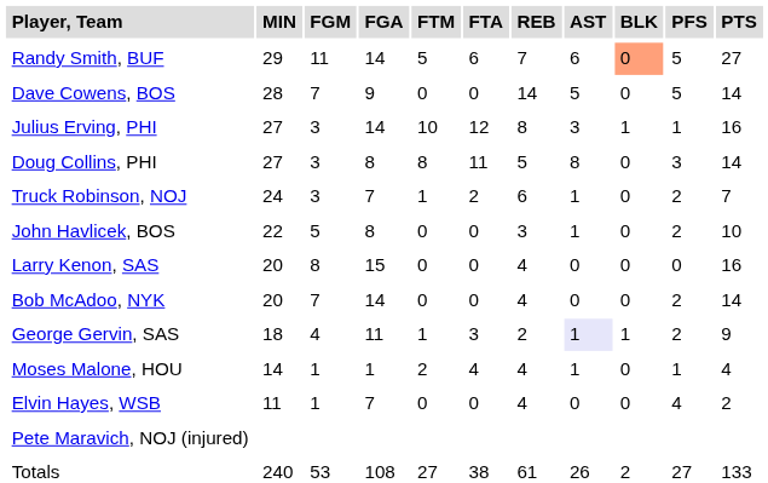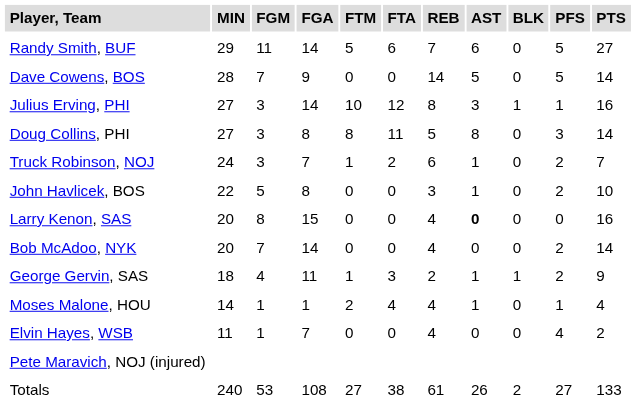 <table cellpadding=5>
 <tr bgcolor="#dddddd">
 <td><strong>Player, Team</strong></td>
 <td><strong>MIN</strong></td>
 <td><strong>FGM</strong></td>
 <td><strong>FGA</strong></td>
 <td><strong>FTM</strong></td>
 <td><strong>FTA</strong></td>
 <td><strong>REB</strong></td>
 <td><strong>AST</strong></td>
 <td><strong>BLK</strong></td>
 <td><strong>PFS</strong></td>
 <td><strong>PTS</strong></td>
 </tr>
 <tr bgcolor="#eeeeee">
 </tr>
 <tr>
 <td><a href='#'>Randy Smith</a>, <a href='#'>BUF</a></td>
 <td>29</td>
 <td>11</td>
 <td>14</td>
 <td>5</td>
 <td>6</td>
 <td>7</td>
 <td>6</td>
-<td style="background: lightsalmon;">0</td>
+<td>0</td>
 <td>5</td>
 <td>27</td>
 </tr>
 <tr>
 <td><a href='#'>Dave Cowens</a>, <a href='#'>BOS</a></td>
 <td>28</td>
 <td>7</td>
 <td>9</td>
 <td>0</td>
 <td>0</td>
 <td>14</td>
 <td>5</td>
 <td>0</td>
 <td>5</td>
 <td>14</td>
 </tr>
 <tr>
 <td><a href='#'>Julius Erving</a>, <a href='#'>PHI</a></td>
 <td>27</td>
 <td>3</td>
 <td>14</td>
 <td>10</td>
 <td>12</td>
 <td>8</td>
 <td>3</td>
 <td>1</td>
 <td>1</td>
 <td>16</td>
 </tr>
 <tr>
 <td><a href='#'>Doug Collins</a>, PHI</td>
 <td>27</td>
 <td>3</td>
 <td>8</td>
 <td>8</td>
 <td>11</td>
 <td>5</td>
 <td>8</td>
 <td>0</td>
 <td>3</td>
 <td>14</td>
 </tr>
 <tr>
 <td><a href='#'>Truck Robinson</a>, <a href='#'>NOJ</a></td>
 <td>24</td>
 <td>3</td>
 <td>7</td>
 <td>1</td>
 <td>2</td>
 <td>6</td>
 <td>1</td>
 <td>0</td>
 <td>2</td>
 <td>7</td>
 </tr>
 <tr>
 <td><a href='#'>John Havlicek</a>, BOS</td>
 <td>22</td>
 <td>5</td>
 <td>8</td>
 <td>0</td>
 <td>0</td>
 <td>3</td>
 <td>1</td>
 <td>0</td>
 <td>2</td>
 <td>10</td>
 </tr>
 <tr>
 <td><a href='#'>Larry Kenon</a>, <a href='#'>SAS</a></td>
 <td>20</td>
 <td>8</td>
 <td>15</td>
 <td>0</td>
 <td>0</td>
 <td>4</td>
-<td>0</td>
+<td><strong>0</strong></td>
 <td>0</td>
 <td>0</td>
 <td>16</td>
 </tr>
 <tr>
 <td><a href='#'>Bob McAdoo</a>, <a href='#'>NYK</a></td>
 <td>20</td>
 <td>7</td>
 <td>14</td>
 <td>0</td>
 <td>0</td>
 <td>4</td>
 <td>0</td>
 <td>0</td>
 <td>2</td>
 <td>14</td>
 </tr>
 <tr>
 <td><a href='#'>George Gervin</a>, SAS</td>
 <td>18</td>
 <td>4</td>
 <td>11</td>
 <td>1</td>
 <td>3</td>
 <td>2</td>
-<td style="background: lavender;">1</td>
+<td>1</td>
 <td>1</td>
 <td>2</td>
 <td>9</td>
 </tr>
 <tr>
 <td><a href='#'>Moses Malone</a>, HOU</td>
 <td>14</td>
 <td>1</td>
 <td>1</td>
 <td>2</td>
 <td>4</td>
 <td>4</td>
 <td>1</td>
 <td>0</td>
 <td>1</td>
 <td>4</td>
 </tr>
 <tr>
 <td><a href='#'>Elvin Hayes</a>, <a href='#'>WSB</a></td>
 <td>11</td>
 <td>1</td>
 <td>7</td>
 <td>0</td>
 <td>0</td>
 <td>4</td>
 <td>0</td>
 <td>0</td>
 <td>4</td>
 <td>2</td>
 </tr>
 <tr>
 <td><a href='#'>Pete Maravich</a>, NOJ (injured)</td>
 </tr>
 <tr>
 <td>Totals</td>
 <td>240</td>
 <td>53</td>
 <td>108</td>
 <td>27</td>
 <td>38</td>
 <td>61</td>
 <td>26</td>
 <td>2</td>
 <td>27</td>
 <td>133</td>
 </tr>
 <tr>
 </tr>
 </table>
